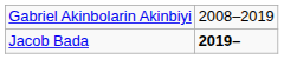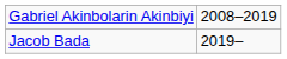 <table class="wikitable">
 <tr>
 <td><a href='#'>Gabriel Akinbolarin Akinbiyi</a></td>
 <td>2008–2019</td>
 </tr>
 <tr>
 <td><a href='#'>Jacob Bada</a></td>
-<td><strong>2019–</strong></td>
+<td>2019–</td>
 </tr>
 </table>
